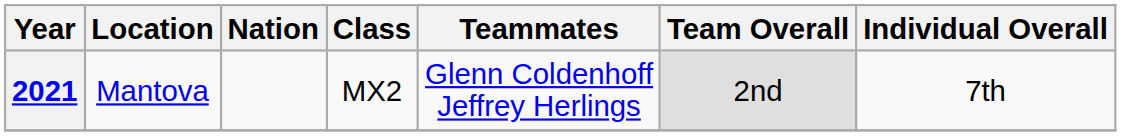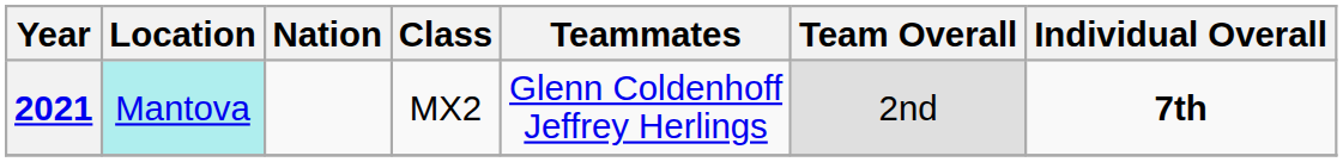 <table class="wikitable" style="font-size: 85%; text-align:center">
 <tr>
 <th>Year</th>
 <th>Location</th>
 <th>Nation</th>
 <th>Class</th>
 <th>Teammates</th>
 <th>Team Overall</th>
 <th>Individual Overall</th>
 </tr>
 <tr>
 <th><a href='#'>2021</a></th>
-<td> <a href='#'>Mantova</a></td>
+<td style="background: paleturquoise;"> <a href='#'>Mantova</a></td>
 <td></td>
 <td>MX2</td>
 <td><a href='#'>Glenn Coldenhoff</a><br><a href='#'>Jeffrey Herlings</a></td>
 <td style="background:#dfdfdf;">2nd</td>
-<td>7th</td>
+<td><strong>7th</strong></td>
 </tr>
 <tr>
 </tr>
 </table>
